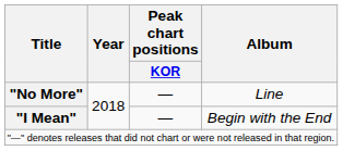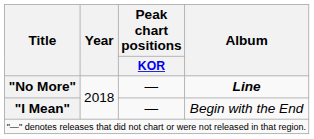 <table class="wikitable plainrowheaders" style="text-align:center">
 <tr>
 <th scope="col" rowspan="2">Title</th>
 <th scope="col" rowspan="2">Year</th>
 <th scope="col">Peak chart <br>positions</th>
 <th scope="col" rowspan="2">Album</th>
 </tr>
 <tr>
 <th scope="col" style="width:3em;font-size:90%;"><a href='#'>KOR</a><br></th>
 </tr>
 <tr>
 <th scope="row">"No More" </th>
 <td rowspan="2">2018</td>
 <td>—</td>
-<td><em>Line</em></td>
+<td><strong><em>Line</em></strong></td>
 </tr>
 <tr>
 <th scope="row">"I Mean" </th>
 <td>—</td>
 <td><em>Begin with the End</em></td>
 </tr>
 <tr>
 <td colspan="6" style="text-align:center; font-size:8pt;">"—" denotes releases that did not chart or were not released in that region.</td>
 </tr>
 </table>
